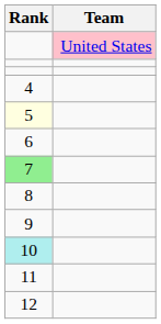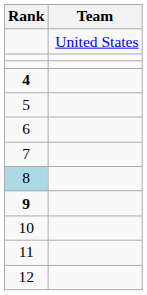 <table class="wikitable sortable" style="text-align:center;">
 <tr>
 <th>Rank</th>
 <th>Team</th>
 </tr>
 <tr>
 <td></td>
-<td align=left style="background: pink;"> <a href='#'>United States</a></td>
+<td align=left> <a href='#'>United States</a></td>
 </tr>
 <tr>
 <td></td>
 <td align=left></td>
 </tr>
 <tr>
 <td></td>
 <td align=left></td>
 </tr>
 <tr>
-<td>4</td>
+<td><strong>4</strong></td>
 <td align=left></td>
 </tr>
 <tr>
-<td style="background: lightyellow;">5</td>
+<td>5</td>
 <td align=left></td>
 </tr>
 <tr>
 <td>6</td>
 <td align=left></td>
 </tr>
 <tr>
-<td style="background: lightgreen;">7</td>
+<td>7</td>
 <td align=left></td>
 </tr>
 <tr>
-<td>8</td>
+<td style="background: lightblue;">8</td>
 <td align=left></td>
 </tr>
 <tr>
-<td>9</td>
+<td><strong>9</strong></td>
 <td align=left></td>
 </tr>
 <tr>
-<td style="background: paleturquoise;">10</td>
+<td>10</td>
 <td align=left></td>
 </tr>
 <tr>
 <td>11</td>
 <td align=left></td>
 </tr>
 <tr>
 <td>12</td>
 <td align=left></td>
 </tr>
 </table>
